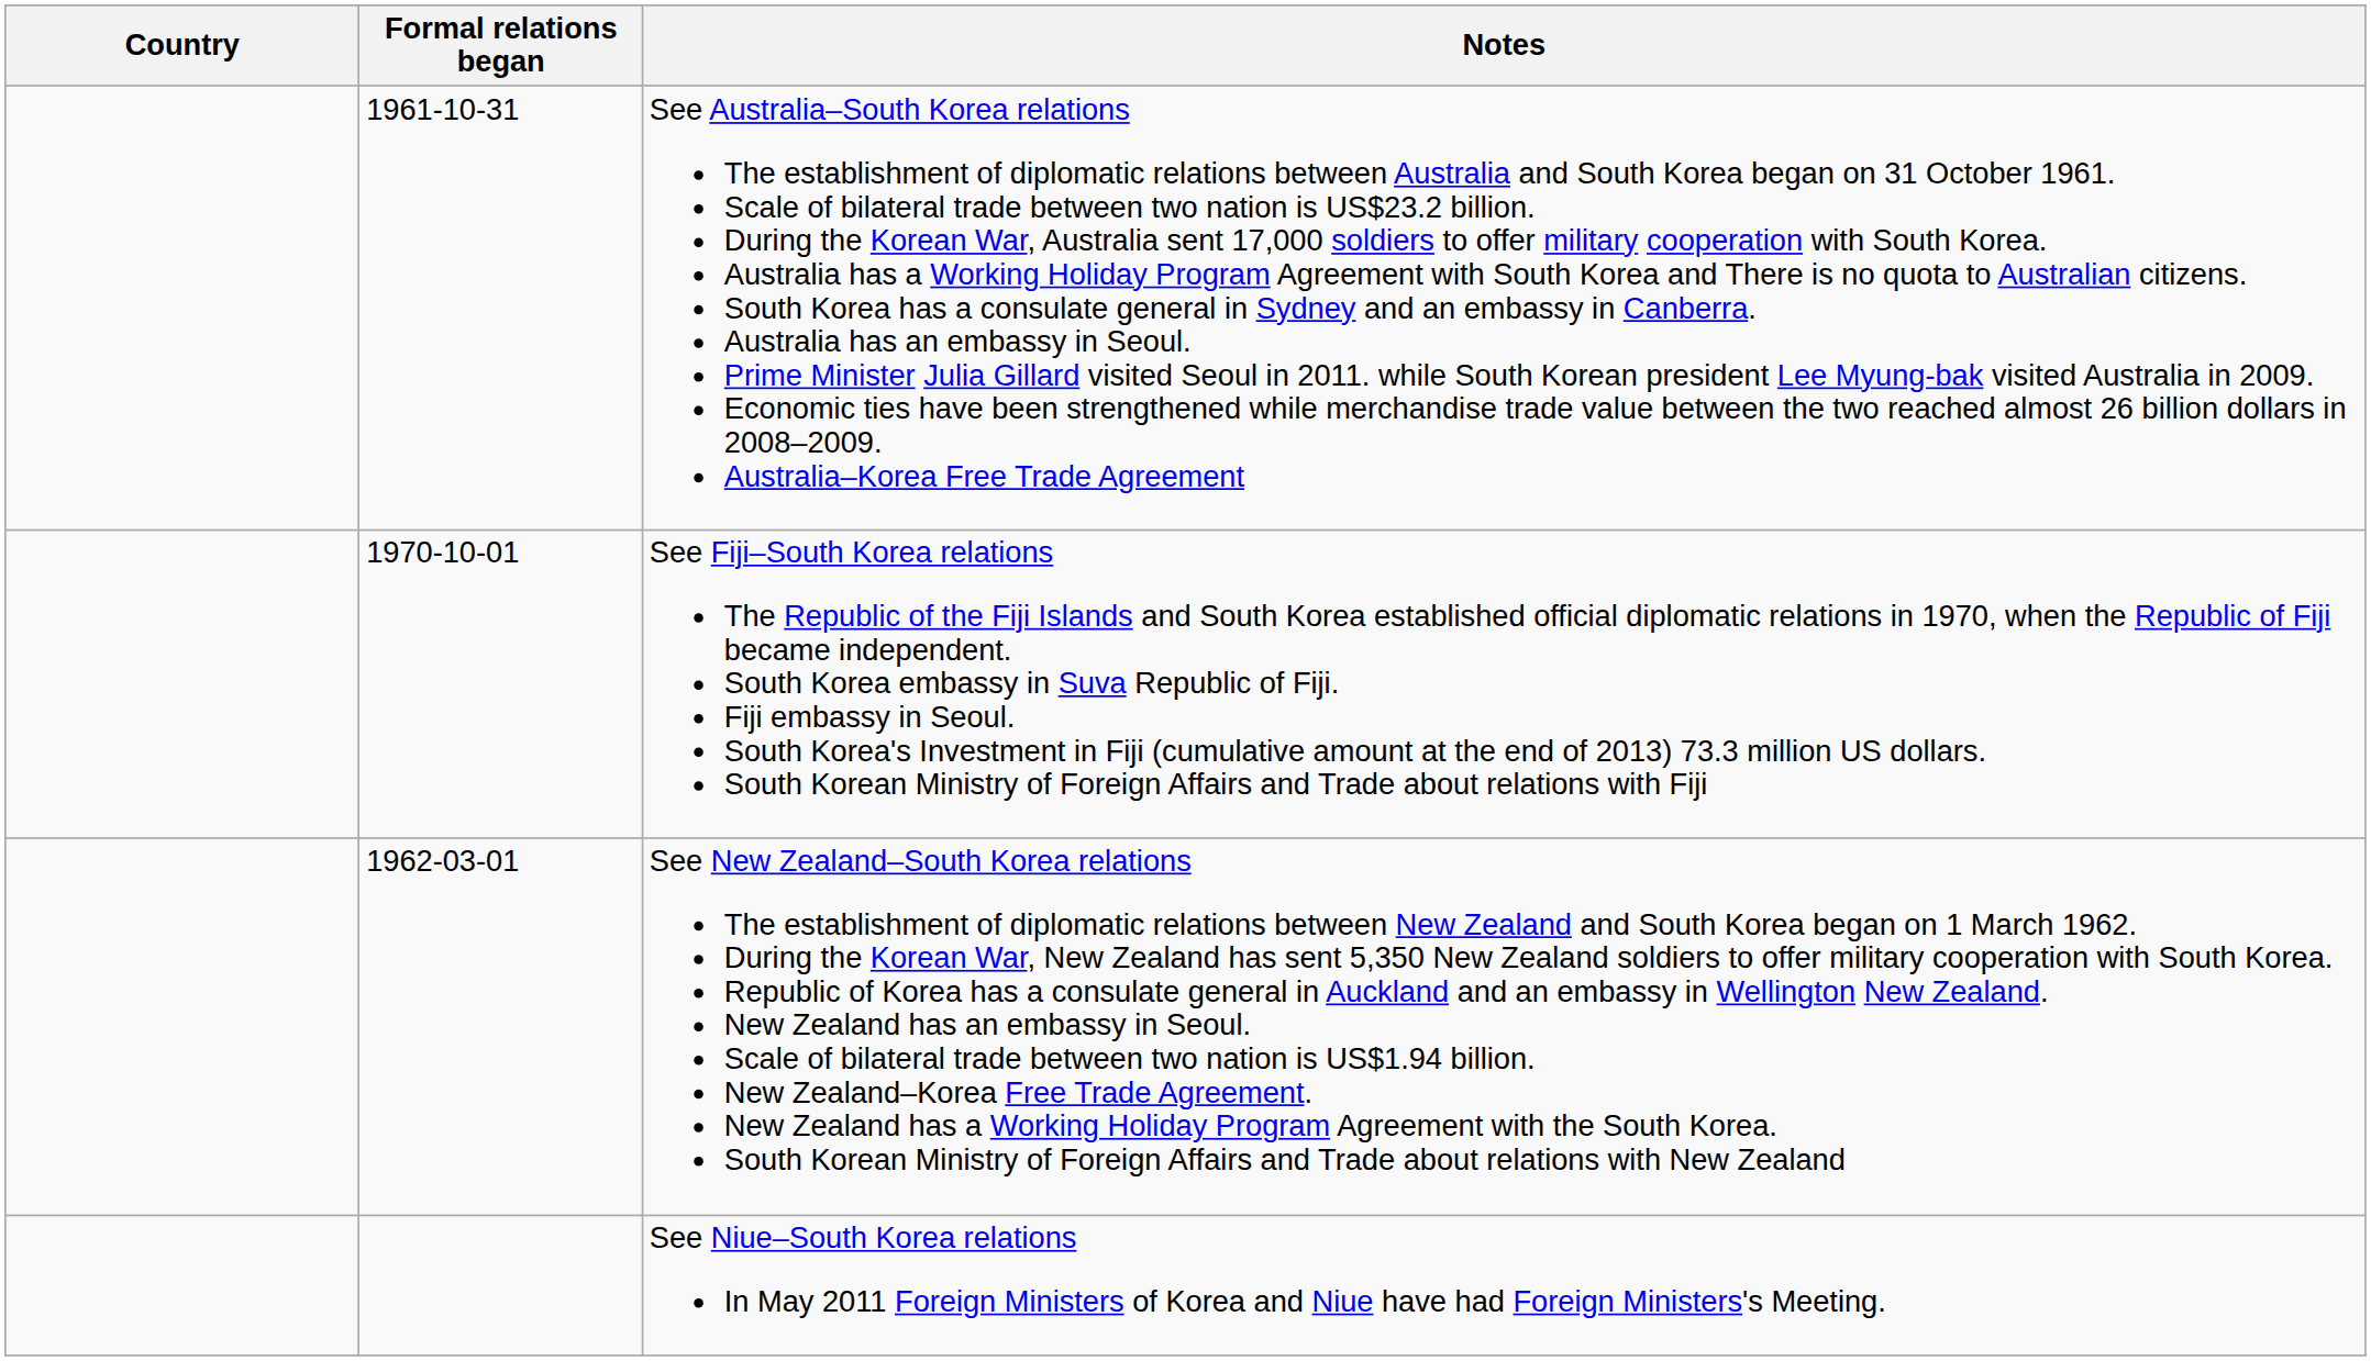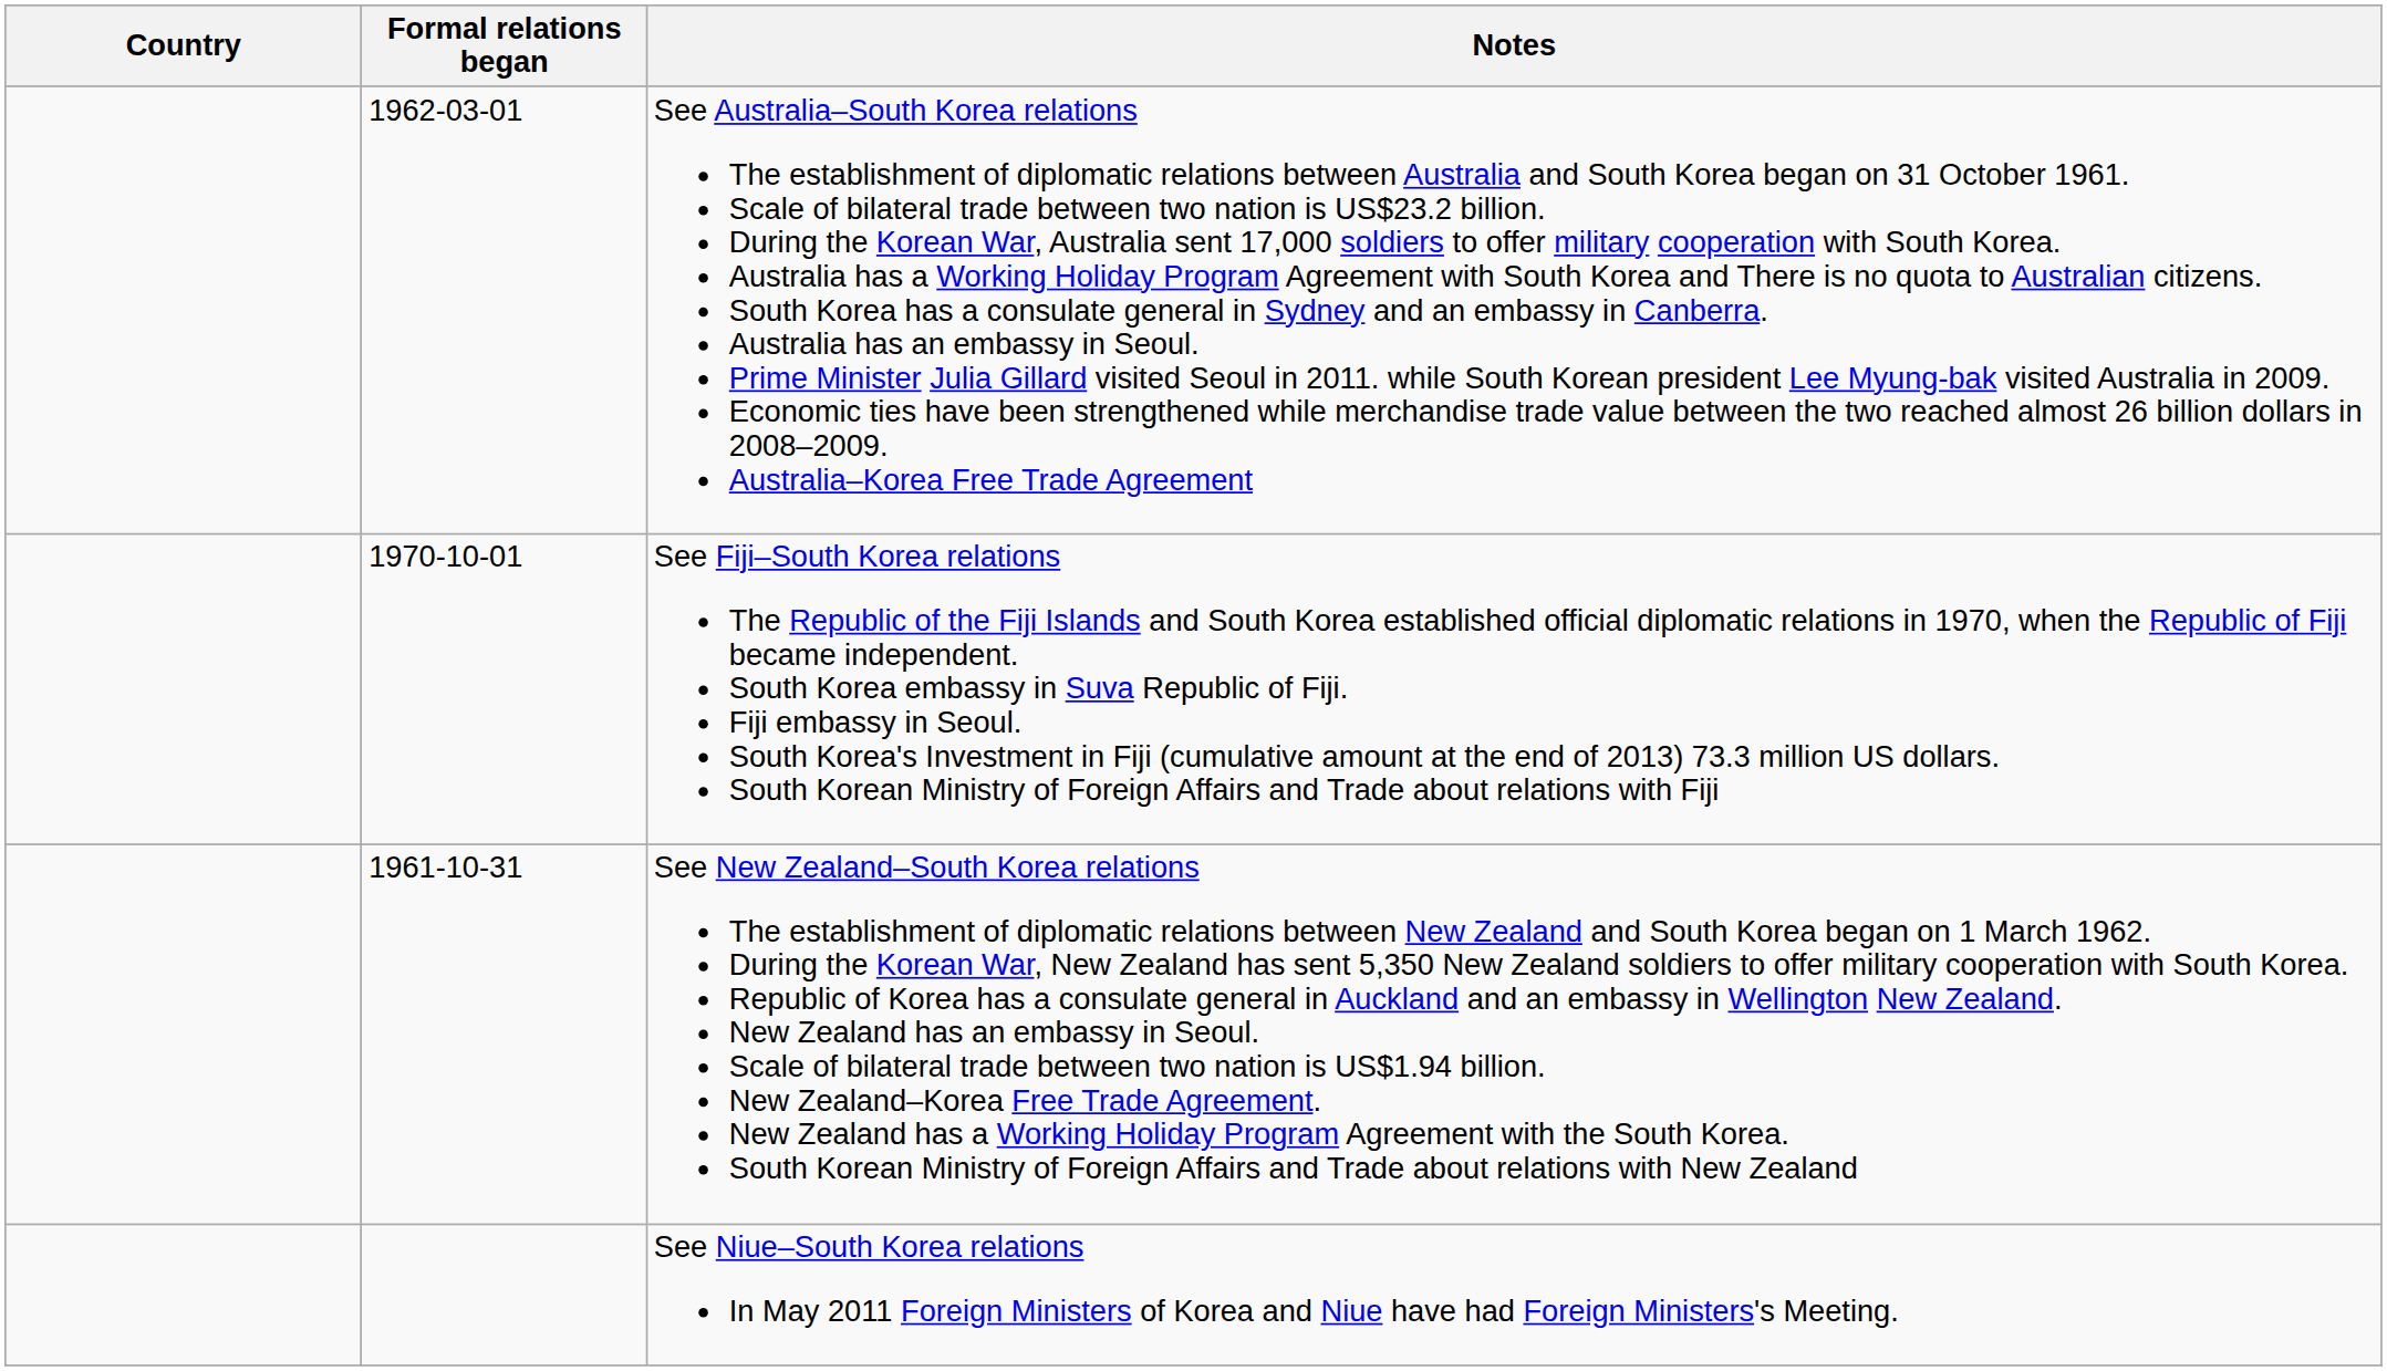 <table class="wikitable sortable" style="width:100%; margin:auto;">
 <tr>
 <th style="width:15%;">Country</th>
 <th style="width:12%;">Formal relations began</th>
 <th>Notes</th>
 </tr>
 <tr valign="top">
 <td></td>
-<td>1961-10-31</td>
+<td>1962-03-01</td>
 <td>See <a href='#'>Australia–South Korea relations</a><br><ul><li>The establishment of diplomatic relations between <a href='#'>Australia</a> and South Korea began on 31 October 1961.</li><li>Scale of bilateral trade between two nation is US$23.2 billion.</li><li>During the <a href='#'>Korean War</a>, Australia sent 17,000 <a href='#'>soldiers</a> to offer <a href='#'>military</a> <a href='#'>cooperation</a> with South Korea.</li><li>Australia has a <a href='#'>Working Holiday Program</a> Agreement with South Korea and There is no quota to <a href='#'>Australian</a> citizens.</li><li>South Korea has a consulate general in <a href='#'>Sydney</a> and an embassy in <a href='#'>Canberra</a>.</li><li>Australia has an embassy in Seoul.</li><li><a href='#'>Prime Minister</a> <a href='#'>Julia Gillard</a> visited Seoul in 2011. while South Korean president <a href='#'>Lee Myung-bak</a> visited Australia in 2009.</li><li>Economic ties have been strengthened while merchandise trade value between the two reached almost 26 billion dollars in 2008–2009.</li><li><a href='#'>Australia–Korea Free Trade Agreement</a></li></ul></td>
 </tr>
 <tr valign="top">
 <td></td>
 <td>1970-10-01</td>
 <td>See <a href='#'>Fiji–South Korea relations</a><br><ul><li>The <a href='#'>Republic of the Fiji Islands</a> and South Korea established official diplomatic relations in 1970, when the <a href='#'>Republic of Fiji</a> became independent.</li><li>South Korea embassy in <a href='#'>Suva</a> Republic of Fiji.</li><li>Fiji embassy in Seoul.</li><li>South Korea's Investment in Fiji (cumulative amount at the end of 2013) 73.3 million US dollars.</li><li>South Korean Ministry of Foreign Affairs and Trade about relations with Fiji</li></ul></td>
 </tr>
 <tr valign="top">
 <td></td>
-<td>1962-03-01</td>
+<td>1961-10-31</td>
 <td>See <a href='#'>New Zealand–South Korea relations</a><br><ul><li>The establishment of diplomatic relations between <a href='#'>New Zealand</a> and South Korea began on 1 March 1962.</li><li>During the <a href='#'>Korean War</a>, New Zealand has sent 5,350 New Zealand soldiers to offer military cooperation with South Korea.</li><li>Republic of Korea has a consulate general in <a href='#'>Auckland</a> and an embassy in <a href='#'>Wellington</a> <a href='#'>New Zealand</a>.</li><li>New Zealand has an embassy in Seoul.</li><li>Scale of bilateral trade between two nation is US$1.94 billion.</li><li>New Zealand–Korea <a href='#'>Free Trade Agreement</a>.</li><li>New Zealand has a <a href='#'>Working Holiday Program</a> Agreement with the South Korea.</li><li>South Korean Ministry of Foreign Affairs and Trade about relations with New Zealand</li></ul></td>
 </tr>
 <tr valign="top">
 <td></td>
 <td></td>
 <td>See <a href='#'>Niue–South Korea relations</a><br><ul><li>In May 2011 <a href='#'>Foreign Ministers</a> of Korea and <a href='#'>Niue</a> have had <a href='#'>Foreign Ministers</a>'s Meeting.</li></ul></td>
 </tr>
 </table>
